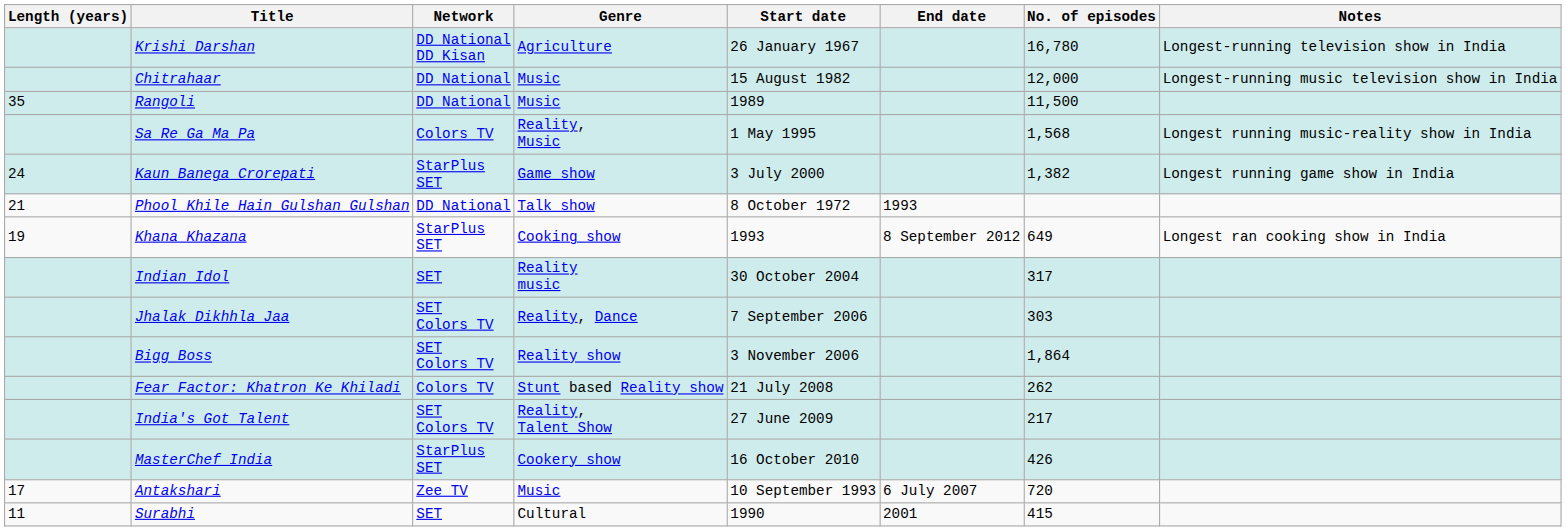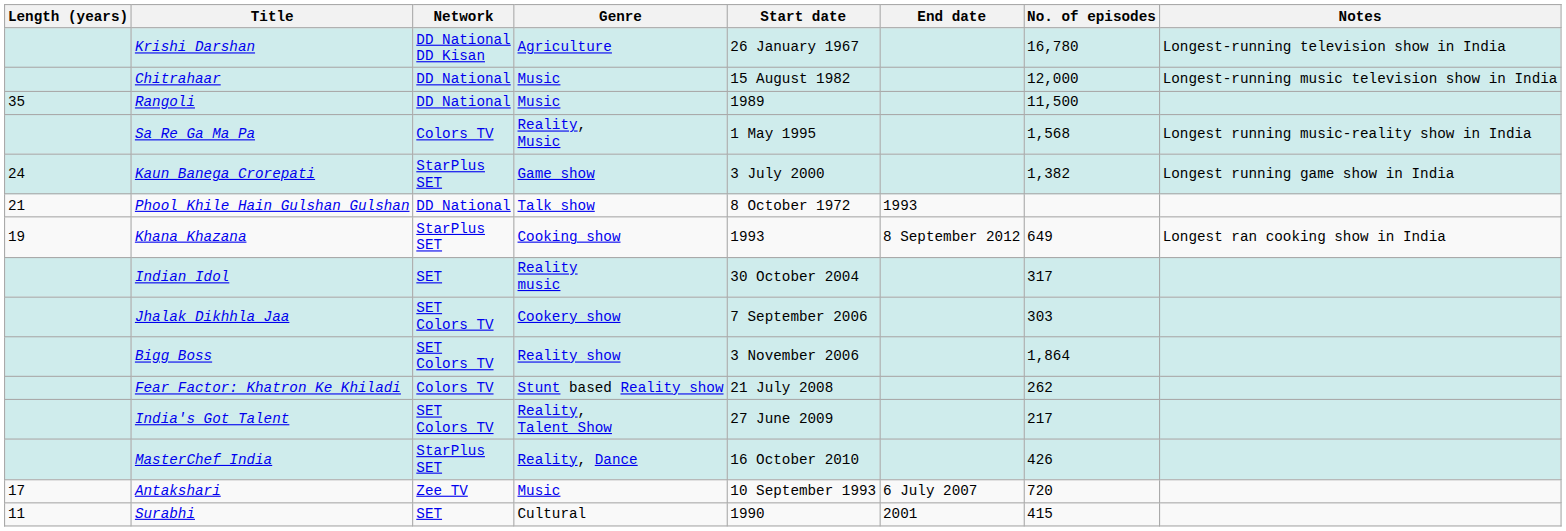 <table class="wikitable sortable" text-align:center;>
 <tr>
 <th>Length (years)</th>
 <th>Title</th>
 <th>Network</th>
 <th>Genre</th>
 <th>Start date</th>
 <th>End date</th>
 <th>No. of episodes</th>
 <th>Notes</th>
 </tr>
 <tr style="background:#cfecec">
 <td></td>
 <td><em><a href='#'>Krishi Darshan</a></em></td>
 <td><a href='#'>DD National</a><br><a href='#'>DD Kisan</a></td>
 <td><a href='#'>Agriculture</a></td>
 <td>26 January 1967</td>
 <td></td>
 <td>16,780</td>
 <td>Longest-running television show in India</td>
 </tr>
 <tr style="background:#cfecec">
 <td></td>
 <td><em><a href='#'>Chitrahaar</a></em></td>
 <td><a href='#'>DD National</a></td>
 <td><a href='#'>Music</a></td>
 <td>15 August 1982</td>
 <td></td>
 <td>12,000</td>
 <td>Longest-running music television show in India</td>
 </tr>
 <tr style="background:#cfecec">
 <td>35</td>
 <td><em><a href='#'>Rangoli</a></em></td>
 <td><a href='#'>DD National</a></td>
 <td><a href='#'>Music</a></td>
 <td>1989</td>
 <td></td>
 <td>11,500</td>
 <td></td>
 </tr>
 <tr style="background:#cfecec">
 <td></td>
 <td><em><a href='#'>Sa Re Ga Ma Pa</a></em></td>
 <td><a href='#'>Colors TV</a></td>
 <td><a href='#'>Reality</a>,<br><a href='#'>Music</a></td>
 <td>1 May 1995</td>
 <td></td>
 <td>1,568</td>
 <td>Longest running music-reality show in India</td>
 </tr>
 <tr style="background:#cfecec">
 <td>24</td>
 <td><em><a href='#'>Kaun Banega Crorepati</a></em></td>
 <td><a href='#'>StarPlus</a><br><a href='#'>SET</a></td>
 <td><a href='#'>Game show</a></td>
 <td>3 July 2000</td>
 <td></td>
 <td>1,382</td>
 <td>Longest running game show in India</td>
 </tr>
 <tr>
 <td>21</td>
 <td><em><a href='#'>Phool Khile Hain Gulshan Gulshan</a></em></td>
 <td><a href='#'>DD National</a></td>
 <td><a href='#'>Talk show</a></td>
 <td>8 October 1972</td>
 <td>1993</td>
 <td></td>
 <td></td>
 </tr>
 <tr>
 <td>19</td>
 <td><em><a href='#'>Khana Khazana</a></em></td>
 <td><a href='#'>StarPlus</a> <br><a href='#'>SET</a></td>
 <td><a href='#'>Cooking show</a></td>
 <td>1993</td>
 <td>8 September 2012</td>
 <td>649</td>
 <td>Longest ran cooking show in India</td>
 </tr>
 <tr style="background:#cfecec">
 <td></td>
 <td><em><a href='#'>Indian Idol</a></em></td>
 <td><a href='#'>SET</a></td>
 <td><a href='#'>Reality</a><br><a href='#'>music</a></td>
 <td>30 October 2004</td>
 <td></td>
 <td>317</td>
 <td></td>
 </tr>
 <tr style="background:#cfecec">
 <td></td>
 <td><em><a href='#'>Jhalak Dikhhla Jaa</a></em></td>
 <td><a href='#'>SET</a><br><a href='#'>Colors TV</a></td>
-<td><a href='#'>Reality</a>, <a href='#'>Dance</a></td>
+<td><a href='#'>Cookery show</a></td>
 <td>7 September 2006</td>
 <td></td>
 <td>303</td>
 <td></td>
 </tr>
 <tr style="background:#cfecec">
 <td></td>
 <td><em><a href='#'>Bigg Boss</a></em></td>
 <td><a href='#'>SET</a><br><a href='#'>Colors TV</a></td>
 <td><a href='#'>Reality show</a></td>
 <td>3 November 2006</td>
 <td></td>
 <td>1,864</td>
 <td></td>
 </tr>
 <tr style="background:#cfecec">
 <td></td>
 <td><em><a href='#'>Fear Factor: Khatron Ke Khiladi</a></em></td>
 <td><a href='#'>Colors TV</a></td>
 <td><a href='#'>Stunt</a> based <a href='#'>Reality show</a></td>
 <td>21 July 2008</td>
 <td></td>
 <td>262</td>
 <td></td>
 </tr>
 <tr style="background:#cfecec">
 <td></td>
 <td><em><a href='#'>India's Got Talent</a></em></td>
 <td><a href='#'>SET</a><br><a href='#'>Colors TV</a></td>
 <td><a href='#'>Reality</a>,<br><a href='#'>Talent Show</a></td>
 <td>27 June 2009</td>
 <td></td>
 <td>217</td>
 <td></td>
 </tr>
 <tr style="background:#cfecec">
 <td></td>
 <td><em><a href='#'>MasterChef India</a></em></td>
 <td><a href='#'>StarPlus</a> <br><a href='#'>SET</a></td>
-<td><a href='#'>Cookery show</a></td>
+<td><a href='#'>Reality</a>, <a href='#'>Dance</a></td>
 <td>16 October 2010</td>
 <td></td>
 <td>426</td>
 <td></td>
 </tr>
 <tr>
 <td>17</td>
 <td><em><a href='#'>Antakshari</a></em></td>
 <td><a href='#'>Zee TV</a></td>
 <td><a href='#'>Music</a></td>
 <td>10 September 1993</td>
 <td>6 July 2007</td>
 <td>720</td>
 <td></td>
 </tr>
 <tr>
 <td>11</td>
 <td><em><a href='#'>Surabhi</a></em></td>
 <td><a href='#'>SET</a></td>
 <td>Cultural</td>
 <td>1990</td>
 <td>2001</td>
 <td>415</td>
 <td></td>
 </tr>
 </table>
